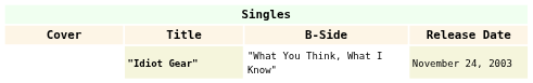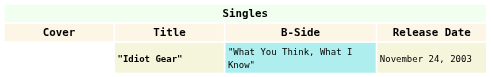 <table cellpadding="3">
 <tr>
 <td style="text-align:center; background:honeydew;" colspan="5"><strong>Singles</strong></td>
 </tr>
 <tr>
 <th style="width:125px; text-align:center; background:oldlace;"><strong>Cover</strong></th>
 <th style="width:125px; text-align:center; background:oldlace;"><strong>Title</strong></th>
 <th style="width:175px; text-align:center; background:oldlace;"><strong>B-Side</strong></th>
 <th style="width:125px; text-align:center; background:oldlace;"><strong>Release Date</strong></th>
 </tr>
 <tr>
 <td></td>
 <td style="background:beige;"><small><strong>"Idiot Gear"</strong></small></td>
-<td><small>"What You Think, What I Know"</small></td>
+<td style="background: paleturquoise;"><small>"What You Think, What I Know"</small></td>
 <td style="background:beige;"><small>November 24, 2003</small></td>
 </tr>
 </table>
